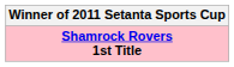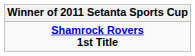 <table class="wikitable" style="text-align: center; margin: 0 auto;">
 <tr>
 <th>Winner of 2011 Setanta Sports Cup</th>
 </tr>
 <tr>
-<td style="background: pink;"> <strong><a href='#'>Shamrock Rovers</a></strong><br><strong>1st Title</strong></td>
+<td> <strong><a href='#'>Shamrock Rovers</a></strong><br><strong>1st Title</strong></td>
 </tr>
 </table>
